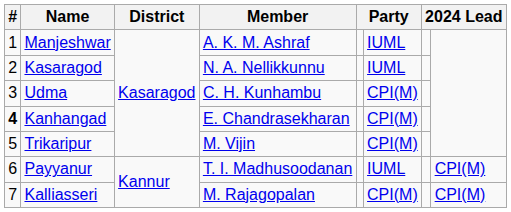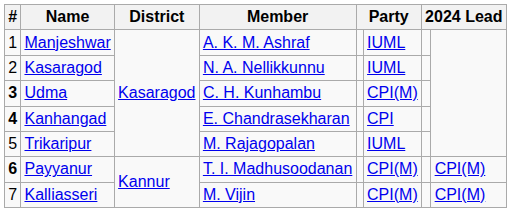 <table class="wikitable">
 <tr>
 <th>#</th>
 <th>Name</th>
 <th>District</th>
 <th>Member</th>
 <th colspan="2">Party</th>
 <th colspan="2">2024 Lead</th>
 </tr>
 <tr>
 <td>1</td>
 <td><a href='#'>Manjeshwar</a></td>
 <td rowspan="5"><a href='#'>Kasaragod</a></td>
 <td><a href='#'>A. K. M. Ashraf</a></td>
 <td style="background-color: "></td>
 <td><a href='#'>IUML</a></td>
 <td></td>
 </tr>
 <tr>
 <td>2</td>
 <td><a href='#'>Kasaragod</a></td>
 <td><a href='#'>N. A. Nellikkunnu</a></td>
 <td style="background-color: "></td>
 <td><a href='#'>IUML</a></td>
 <td></td>
 </tr>
 <tr>
-<td>3</td>
+<td><strong>3</strong></td>
 <td><a href='#'>Udma</a></td>
 <td><a href='#'>C. H. Kunhambu</a></td>
 <td style="background-color: "></td>
 <td><a href='#'>CPI(M)</a></td>
 <td></td>
 </tr>
 <tr>
 <td><strong>4</strong></td>
 <td><a href='#'>Kanhangad</a></td>
 <td><a href='#'>E. Chandrasekharan</a></td>
 <td style="background-color: "></td>
-<td><a href='#'>CPI(M)</a></td>
+<td><a href='#'>CPI</a></td>
 <td></td>
 </tr>
 <tr>
 <td>5</td>
 <td><a href='#'>Trikaripur</a></td>
-<td><a href='#'>M. Vijin</a></td>
+<td><a href='#'>M. Rajagopalan</a></td>
 <td style="background-color: "></td>
-<td><a href='#'>CPI(M)</a></td>
+<td><a href='#'>IUML</a></td>
 <td></td>
 </tr>
 <tr>
-<td>6</td>
+<td><strong>6</strong></td>
 <td><a href='#'>Payyanur</a></td>
 <td rowspan="2"><a href='#'>Kannur</a></td>
 <td><a href='#'>T. I. Madhusoodanan</a></td>
 <td style="background-color: "></td>
-<td><a href='#'>IUML</a></td>
+<td><a href='#'>CPI(M)</a></td>
 <td style="background-color: "></td>
 <td><a href='#'>CPI(M)</a></td>
 </tr>
 <tr>
 <td>7</td>
 <td><a href='#'>Kalliasseri</a></td>
-<td><a href='#'>M. Rajagopalan</a></td>
+<td><a href='#'>M. Vijin</a></td>
 <td style="background-color: "></td>
 <td><a href='#'>CPI(M)</a></td>
 <td style="background-color: "></td>
 <td><a href='#'>CPI(M)</a></td>
 </tr>
 </table>
